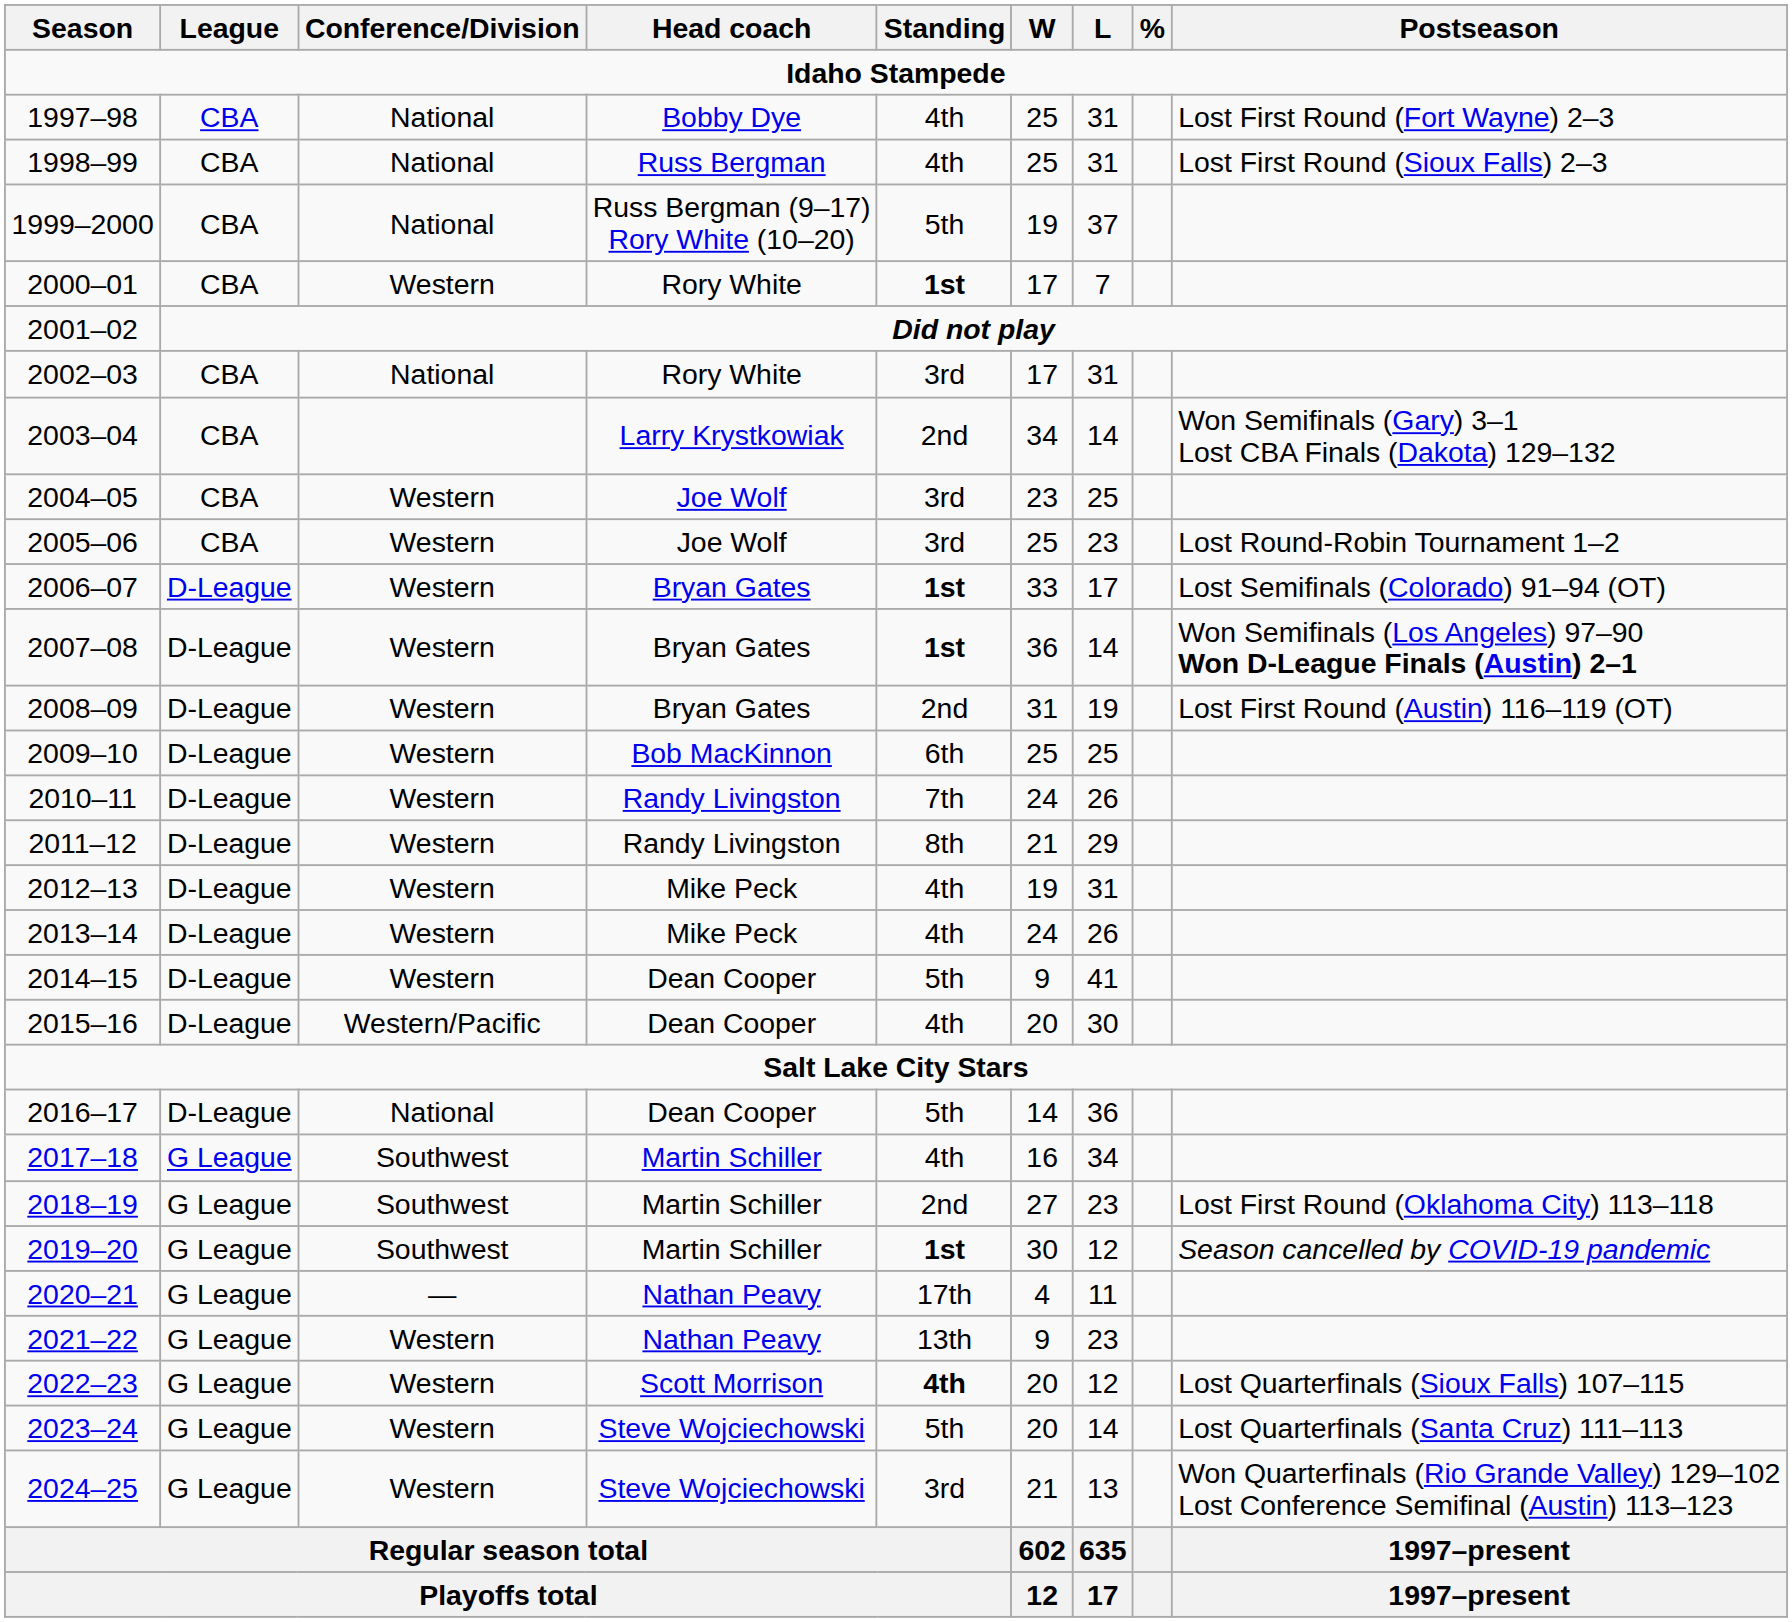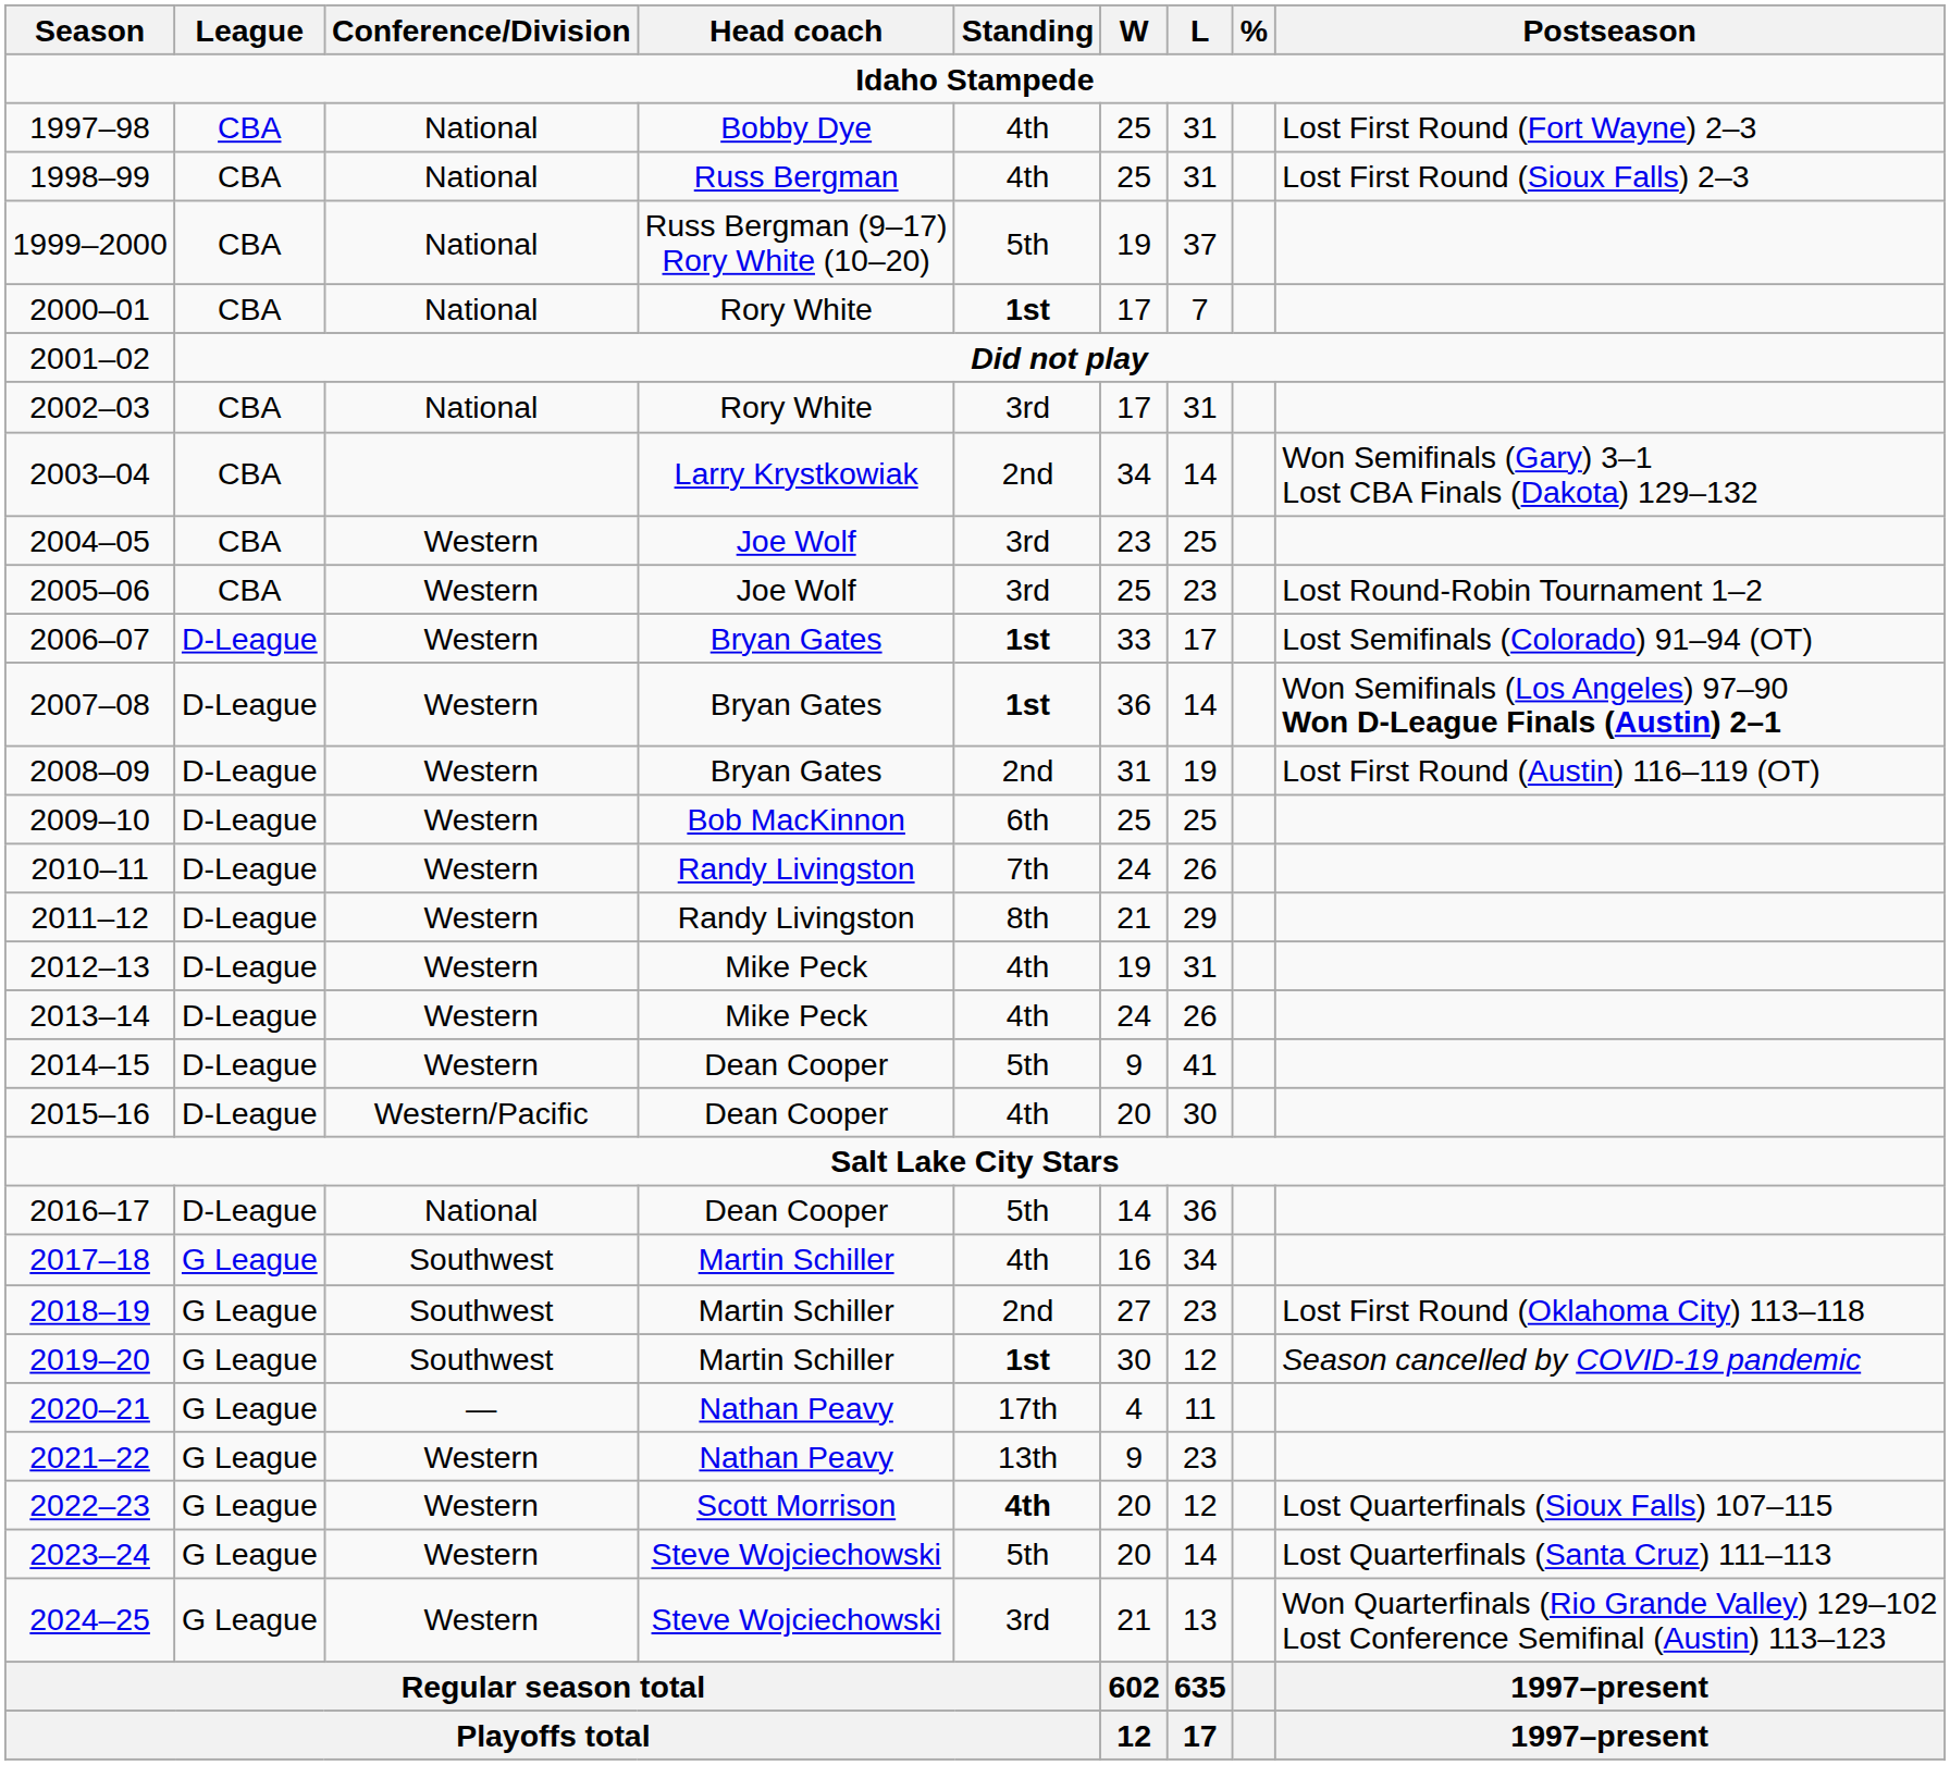 <table class="wikitable" style="font-size:95%; text-align:center">
 <tr>
 <th>Season</th>
 <th>League</th>
 <th>Conference/Division</th>
 <th>Head coach</th>
 <th>Standing</th>
 <th>W</th>
 <th>L</th>
 <th>%</th>
 <th>Postseason</th>
 </tr>
 <tr>
 <td colspan="12"><strong>Idaho Stampede</strong></td>
 </tr>
 <tr>
 <td>1997–98</td>
 <td><a href='#'>CBA</a></td>
 <td>National</td>
 <td><a href='#'>Bobby Dye</a></td>
 <td>4th</td>
 <td>25</td>
 <td>31</td>
 <td></td>
 <td align=left>Lost First Round (<a href='#'>Fort Wayne</a>) 2–3</td>
 </tr>
 <tr>
 <td>1998–99</td>
 <td>CBA</td>
 <td>National</td>
 <td><a href='#'>Russ Bergman</a></td>
 <td>4th</td>
 <td>25</td>
 <td>31</td>
 <td></td>
 <td align=left>Lost First Round (<a href='#'>Sioux Falls</a>) 2–3</td>
 </tr>
 <tr>
 <td>1999–2000</td>
 <td>CBA</td>
 <td>National</td>
 <td>Russ Bergman (9–17)<br><a href='#'>Rory White</a> (10–20)</td>
 <td>5th</td>
 <td>19</td>
 <td>37</td>
 <td></td>
 <td align=left></td>
 </tr>
 <tr>
 <td>2000–01</td>
 <td>CBA</td>
-<td>Western</td>
+<td>National</td>
 <td>Rory White</td>
 <td><strong>1st</strong></td>
 <td>17</td>
 <td>7</td>
 <td></td>
 <td align=left></td>
 </tr>
 <tr>
 <td>2001–02</td>
 <td colspan=8><strong><em>Did not play</em></strong></td>
 </tr>
 <tr>
 <td>2002–03</td>
 <td>CBA</td>
 <td>National</td>
 <td>Rory White</td>
 <td>3rd</td>
 <td>17</td>
 <td>31</td>
 <td></td>
 <td align=left></td>
 </tr>
 <tr>
 <td>2003–04</td>
 <td>CBA</td>
 <td></td>
 <td><a href='#'>Larry Krystkowiak</a></td>
 <td>2nd</td>
 <td>34</td>
 <td>14</td>
 <td></td>
 <td align=left>Won Semifinals (<a href='#'>Gary</a>) 3–1<br> Lost CBA Finals (<a href='#'>Dakota</a>) 129–132</td>
 </tr>
 <tr>
 <td>2004–05</td>
 <td>CBA</td>
 <td>Western</td>
 <td><a href='#'>Joe Wolf</a></td>
 <td>3rd</td>
 <td>23</td>
 <td>25</td>
 <td></td>
 <td align=left></td>
 </tr>
 <tr>
 <td>2005–06</td>
 <td>CBA</td>
 <td>Western</td>
 <td>Joe Wolf</td>
 <td>3rd</td>
 <td>25</td>
 <td>23</td>
 <td></td>
 <td align=left>Lost Round-Robin Tournament 1–2</td>
 </tr>
 <tr>
 <td>2006–07</td>
 <td><a href='#'>D-League</a></td>
 <td>Western</td>
 <td><a href='#'>Bryan Gates</a></td>
 <td><strong>1st</strong></td>
 <td>33</td>
 <td>17</td>
 <td></td>
 <td align=left>Lost Semifinals (<a href='#'>Colorado</a>) 91–94 (OT)</td>
 </tr>
 <tr>
 <td>2007–08</td>
 <td>D-League</td>
 <td>Western</td>
 <td>Bryan Gates</td>
 <td><strong>1st</strong></td>
 <td>36</td>
 <td>14</td>
 <td></td>
 <td align=left>Won Semifinals (<a href='#'>Los Angeles</a>) 97–90<br> <strong>Won D-League Finals (<a href='#'>Austin</a>) 2–1</strong></td>
 </tr>
 <tr>
 <td>2008–09</td>
 <td>D-League</td>
 <td>Western</td>
 <td>Bryan Gates</td>
 <td>2nd</td>
 <td>31</td>
 <td>19</td>
 <td></td>
 <td align=left>Lost First Round (<a href='#'>Austin</a>) 116–119 (OT)</td>
 </tr>
 <tr>
 <td>2009–10</td>
 <td>D-League</td>
 <td>Western</td>
 <td><a href='#'>Bob MacKinnon</a></td>
 <td>6th</td>
 <td>25</td>
 <td>25</td>
 <td></td>
 <td align=left></td>
 </tr>
 <tr>
 <td>2010–11</td>
 <td>D-League</td>
 <td>Western</td>
 <td><a href='#'>Randy Livingston</a></td>
 <td>7th</td>
 <td>24</td>
 <td>26</td>
 <td></td>
 <td align=left></td>
 </tr>
 <tr>
 <td>2011–12</td>
 <td>D-League</td>
 <td>Western</td>
 <td>Randy Livingston</td>
 <td>8th</td>
 <td>21</td>
 <td>29</td>
 <td></td>
 <td align=left></td>
 </tr>
 <tr>
 <td>2012–13</td>
 <td>D-League</td>
 <td>Western</td>
 <td>Mike Peck</td>
 <td>4th</td>
 <td>19</td>
 <td>31</td>
 <td></td>
 <td align=left></td>
 </tr>
 <tr>
 <td>2013–14</td>
 <td>D-League</td>
 <td>Western</td>
 <td>Mike Peck</td>
 <td>4th</td>
 <td>24</td>
 <td>26</td>
 <td></td>
 <td align=left></td>
 </tr>
 <tr>
 <td>2014–15</td>
 <td>D-League</td>
 <td>Western</td>
 <td>Dean Cooper</td>
 <td>5th</td>
 <td>9</td>
 <td>41</td>
 <td></td>
 <td align=left></td>
 </tr>
 <tr>
 <td>2015–16</td>
 <td>D-League</td>
 <td>Western/Pacific</td>
 <td>Dean Cooper</td>
 <td>4th</td>
 <td>20</td>
 <td>30</td>
 <td></td>
 <td align=left></td>
 </tr>
 <tr>
 <td colspan="12"><strong>Salt Lake City Stars</strong></td>
 </tr>
 <tr>
 <td>2016–17</td>
 <td>D-League</td>
 <td>National</td>
 <td>Dean Cooper</td>
 <td>5th</td>
 <td>14</td>
 <td>36</td>
 <td></td>
 <td align=left></td>
 </tr>
 <tr>
 <td><a href='#'>2017–18</a></td>
 <td><a href='#'>G League</a></td>
 <td>Southwest</td>
 <td><a href='#'>Martin Schiller</a></td>
 <td>4th</td>
 <td>16</td>
 <td>34</td>
 <td></td>
 <td align=left></td>
 </tr>
 <tr>
 <td><a href='#'>2018–19</a></td>
 <td>G League</td>
 <td>Southwest</td>
 <td>Martin Schiller</td>
 <td>2nd</td>
 <td>27</td>
 <td>23</td>
 <td></td>
 <td align=left>Lost First Round (<a href='#'>Oklahoma City</a>) 113–118</td>
 </tr>
 <tr>
 <td><a href='#'>2019–20</a></td>
 <td>G League</td>
 <td>Southwest</td>
 <td>Martin Schiller</td>
 <td><strong>1st</strong></td>
 <td>30</td>
 <td>12</td>
 <td></td>
 <td align=left><em>Season cancelled by <a href='#'>COVID-19 pandemic</a></em></td>
 </tr>
 <tr>
 <td><a href='#'>2020–21</a></td>
 <td>G League</td>
 <td>—</td>
 <td><a href='#'>Nathan Peavy</a></td>
 <td>17th</td>
 <td>4</td>
 <td>11</td>
 <td></td>
 <td align=left></td>
 </tr>
 <tr>
 <td><a href='#'>2021–22</a></td>
 <td>G League</td>
 <td>Western</td>
 <td><a href='#'>Nathan Peavy</a></td>
 <td>13th</td>
 <td>9</td>
 <td>23</td>
 <td></td>
 <td align=left></td>
 </tr>
 <tr>
 <td><a href='#'>2022–23</a></td>
 <td>G League</td>
 <td>Western</td>
 <td><a href='#'>Scott Morrison</a></td>
 <td><strong>4th</strong></td>
 <td>20</td>
 <td>12</td>
 <td></td>
 <td align=left>Lost Quarterfinals (<a href='#'>Sioux Falls</a>) 107–115</td>
 </tr>
 <tr>
 <td><a href='#'>2023–24</a></td>
 <td>G League</td>
 <td>Western</td>
 <td><a href='#'>Steve Wojciechowski</a></td>
 <td>5th</td>
 <td>20</td>
 <td>14</td>
 <td></td>
 <td align=left>Lost Quarterfinals (<a href='#'>Santa Cruz</a>) 111–113</td>
 </tr>
 <tr>
 <td><a href='#'>2024–25</a></td>
 <td>G League</td>
 <td>Western</td>
 <td><a href='#'>Steve Wojciechowski</a></td>
 <td>3rd</td>
 <td>21</td>
 <td>13</td>
 <td></td>
 <td align=left>Won Quarterfinals (<a href='#'>Rio Grande Valley</a>) 129–102<br>Lost Conference Semifinal (<a href='#'>Austin</a>) 113–123</td>
 </tr>
 <tr>
 <th colspan=5>Regular season total</th>
 <th>602</th>
 <th>635</th>
 <th></th>
 <th>1997–present</th>
 </tr>
 <tr>
 <th colspan=5>Playoffs total</th>
 <th>12</th>
 <th>17</th>
 <th></th>
 <th>1997–present</th>
 </tr>
 </table>
